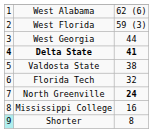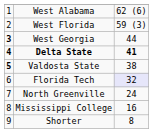 <table class="wikitable">
 <tr align="center">
 </tr>
 <tr align="center">
 <td>1</td>
 <td>West Alabama</td>
 <td>62 (6)</td>
 </tr>
 <tr align="center">
 <td>2</td>
 <td>West Florida</td>
 <td>59 (3)</td>
 </tr>
 <tr align="center">
-<td>3</td>
+<td><strong>3</strong></td>
 <td>West Georgia</td>
 <td>44</td>
 </tr>
 <tr align="center">
 <td><strong>4</strong></td>
 <td><strong>Delta State</strong></td>
 <td><strong>41</strong></td>
 </tr>
 <tr align="center">
-<td>5</td>
+<td><strong>5</strong></td>
 <td>Valdosta State</td>
 <td>38</td>
 </tr>
 <tr align="center">
 <td>6</td>
 <td>Florida Tech</td>
-<td>32</td>
+<td style="background: lavender;">32</td>
 </tr>
 <tr align="center">
 <td>7</td>
 <td>North Greenville</td>
-<td><strong>24</strong></td>
+<td>24</td>
 </tr>
 <tr align="center">
 <td>8</td>
 <td>Mississippi College</td>
 <td>16</td>
 </tr>
 <tr align="center">
-<td style="background: paleturquoise;">9</td>
+<td>9</td>
 <td>Shorter</td>
 <td>8</td>
 </tr>
 </table>
